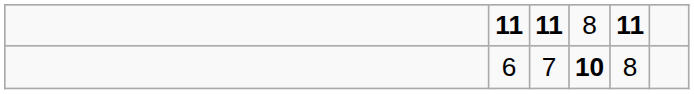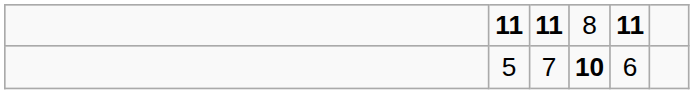 <table class="wikitable">
 <tr>
 <td style="width:18em"></td>
 <td align=center style="width:1em"><strong>11</strong></td>
 <td align=center style="width:1em"><strong>11</strong></td>
 <td align=center style="width:1em">8</td>
 <td align=center style="width:1em"><strong>11</strong></td>
 <td align=center style="width:1em"></td>
 </tr>
 <tr>
 <td style="width:18em"></td>
-<td align=center style="width:1em">6</td>
+<td align=center style="width:1em">5</td>
 <td align=center style="width:1em">7</td>
 <td align=center style="width:1em"><strong>10</strong></td>
-<td align=center style="width:1em">8</td>
+<td align=center style="width:1em">6</td>
 <td align=center style="width:1em"></td>
 </tr>
 </table>
